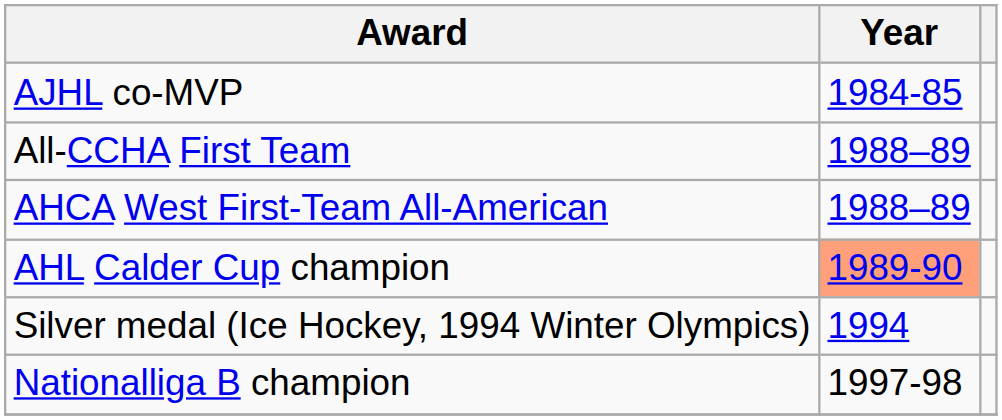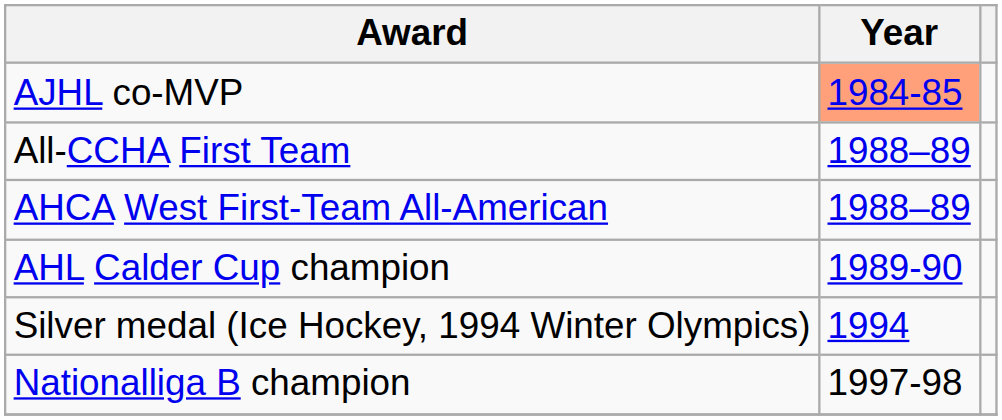 <table class="wikitable">
 <tr>
 <th>Award</th>
 <th>Year</th>
 <th></th>
 </tr>
 <tr>
 <td><a href='#'>AJHL</a> co-MVP</td>
-<td><a href='#'>1984-85</a></td>
+<td style="background: lightsalmon;"><a href='#'>1984-85</a></td>
 <td></td>
 </tr>
 <tr>
 <td>All-<a href='#'>CCHA</a> <a href='#'>First Team</a></td>
 <td><a href='#'>1988–89</a></td>
 <td></td>
 </tr>
 <tr>
 <td><a href='#'>AHCA</a> <a href='#'>West First-Team All-American</a></td>
 <td><a href='#'>1988–89</a></td>
 <td></td>
 </tr>
 <tr>
 <td><a href='#'>AHL</a> <a href='#'>Calder Cup</a> champion</td>
-<td style="background: lightsalmon;"><a href='#'>1989-90</a></td>
+<td><a href='#'>1989-90</a></td>
 <td></td>
 </tr>
 <tr>
 <td>Silver medal (Ice Hockey, 1994 Winter Olympics)</td>
 <td><a href='#'>1994</a></td>
 <td></td>
 </tr>
 <tr>
 <td><a href='#'>Nationalliga B</a> champion</td>
 <td>1997-98</td>
 <td></td>
 </tr>
 <tr>
 </tr>
 </table>
